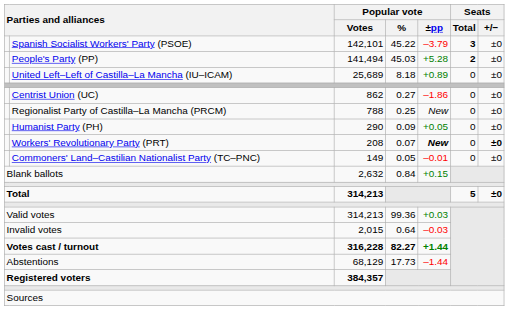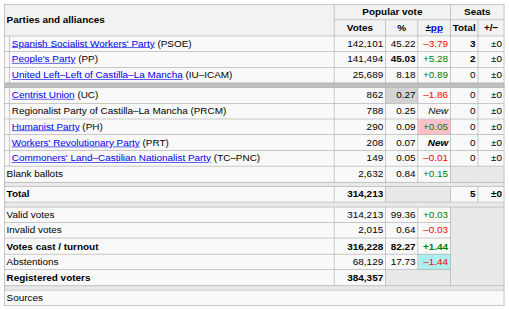 <table class="wikitable" style="text-align:right;">
 <tr>
 <th style="text-align:left;" rowspan="2" colspan="2" width="525">Parties and alliances</th>
 <th colspan="3">Popular vote</th>
 <th colspan="2">Seats</th>
 </tr>
 <tr>
 <th width="75">Votes</th>
 <th width="45">%</th>
 <th width="45">±<a href='#'>pp</a></th>
 <th width="35">Total</th>
 <th width="35">+/−</th>
 </tr>
 <tr>
 <td width="1" style="color:inherit;background:"></td>
 <td align="left"><a href='#'>Spanish Socialist Workers' Party</a> (PSOE)</td>
 <td>142,101</td>
 <td>45.22</td>
 <td style="color:red;">–3.79</td>
 <td><strong>3</strong></td>
 <td>±0</td>
 </tr>
 <tr>
 <td style="color:inherit;background:"></td>
 <td align="left"><a href='#'>People's Party</a> (PP)</td>
 <td>141,494</td>
-<td>45.03</td>
+<td><strong>45.03</strong></td>
 <td style="color:green;">+5.28</td>
 <td><strong>2</strong></td>
 <td>±0</td>
 </tr>
 <tr>
 <td style="color:inherit;background:"></td>
 <td align="left"><a href='#'>United Left–Left of Castilla–La Mancha</a> (IU–ICAM)</td>
 <td>25,689</td>
 <td>8.18</td>
 <td style="color:green;">+0.89</td>
 <td>0</td>
 <td>±0</td>
 </tr>
 <tr>
 <td colspan="7" bgcolor="#C0C0C0"></td>
 </tr>
 <tr>
 <td style="color:inherit;background:"></td>
 <td align="left"><a href='#'>Centrist Union</a> (UC)</td>
 <td>862</td>
-<td>0.27</td>
+<td style="background: lightgrey;">0.27</td>
 <td style="color:red;">–1.86</td>
 <td>0</td>
 <td>±0</td>
 </tr>
 <tr>
 <td style="color:inherit;background:"></td>
 <td align="left">Regionalist Party of Castilla–La Mancha (PRCM)</td>
 <td>788</td>
 <td>0.25</td>
 <td><em>New</em></td>
 <td>0</td>
 <td>±0</td>
 </tr>
 <tr>
 <td style="color:inherit;background:"></td>
 <td align="left"><a href='#'>Humanist Party</a> (PH)</td>
 <td>290</td>
 <td>0.09</td>
-<td style="color:green;">+0.05</td>
+<td style="background: pink; color:green;">+0.05</td>
 <td>0</td>
 <td>±0</td>
 </tr>
 <tr>
 <td style="color:inherit;background:"></td>
 <td align="left"><a href='#'>Workers' Revolutionary Party</a> (PRT)</td>
 <td>208</td>
 <td>0.07</td>
 <td><strong><em>New</em></strong></td>
 <td>0</td>
-<td><strong>±0</strong></td>
+<td>±0</td>
 </tr>
 <tr>
 <td style="color:inherit;background:"></td>
 <td align="left"><a href='#'>Commoners' Land–Castilian Nationalist Party</a> (TC–PNC)</td>
 <td>149</td>
 <td>0.05</td>
 <td style="color:red;">–0.01</td>
 <td>0</td>
 <td>±0</td>
 </tr>
 <tr>
 <td align="left" colspan="2">Blank ballots</td>
 <td>2,632</td>
 <td>0.84</td>
 <td style="color:green;">+0.15</td>
 <td bgcolor="#E9E9E9" colspan="2"></td>
 </tr>
 <tr>
 <td colspan="7" bgcolor="#E9E9E9"></td>
 </tr>
 <tr style="font-weight:bold;">
 <td align="left" colspan="2">Total</td>
 <td>314,213</td>
 <td bgcolor="#E9E9E9" colspan="2"></td>
 <td>5</td>
 <td>±0</td>
 </tr>
 <tr>
 <td colspan="7" bgcolor="#E9E9E9"></td>
 </tr>
 <tr>
 <td align="left" colspan="2">Valid votes</td>
 <td>314,213</td>
 <td>99.36</td>
 <td style="color:green;">+0.03</td>
 <td bgcolor="#E9E9E9" colspan="2" rowspan="5"></td>
 </tr>
 <tr>
 <td align="left" colspan="2">Invalid votes</td>
 <td>2,015</td>
 <td>0.64</td>
 <td style="color:red;">–0.03</td>
 </tr>
 <tr style="font-weight:bold;">
 <td align="left" colspan="2">Votes cast / turnout</td>
 <td>316,228</td>
 <td>82.27</td>
 <td style="color:green;">+1.44</td>
 </tr>
 <tr>
 <td align="left" colspan="2">Abstentions</td>
 <td>68,129</td>
 <td>17.73</td>
-<td style="color:red;">–1.44</td>
+<td style="background: paleturquoise; color:red;">–1.44</td>
 </tr>
 <tr style="font-weight:bold;">
 <td align="left" colspan="2">Registered voters</td>
 <td>384,357</td>
 <td bgcolor="#E9E9E9" colspan="2"></td>
 </tr>
 <tr>
 <td colspan="7" bgcolor="#E9E9E9"></td>
 </tr>
 <tr>
 <td align="left" colspan="7">Sources</td>
 </tr>
 </table>
